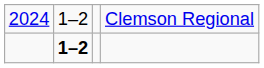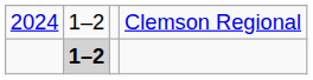 <table class="wikitable">
 <tr>
 <td><a href='#'>2024</a></td>
 <td>1–2</td>
 <td></td>
 <td><a href='#'>Clemson Regional</a></td>
 </tr>
 <tr>
 <td></td>
-<td><strong>1–2</strong></td>
+<td style="background: lightgrey;"><strong>1–2</strong></td>
 <td><strong></strong></td>
 <td></td>
 </tr>
 </table>
